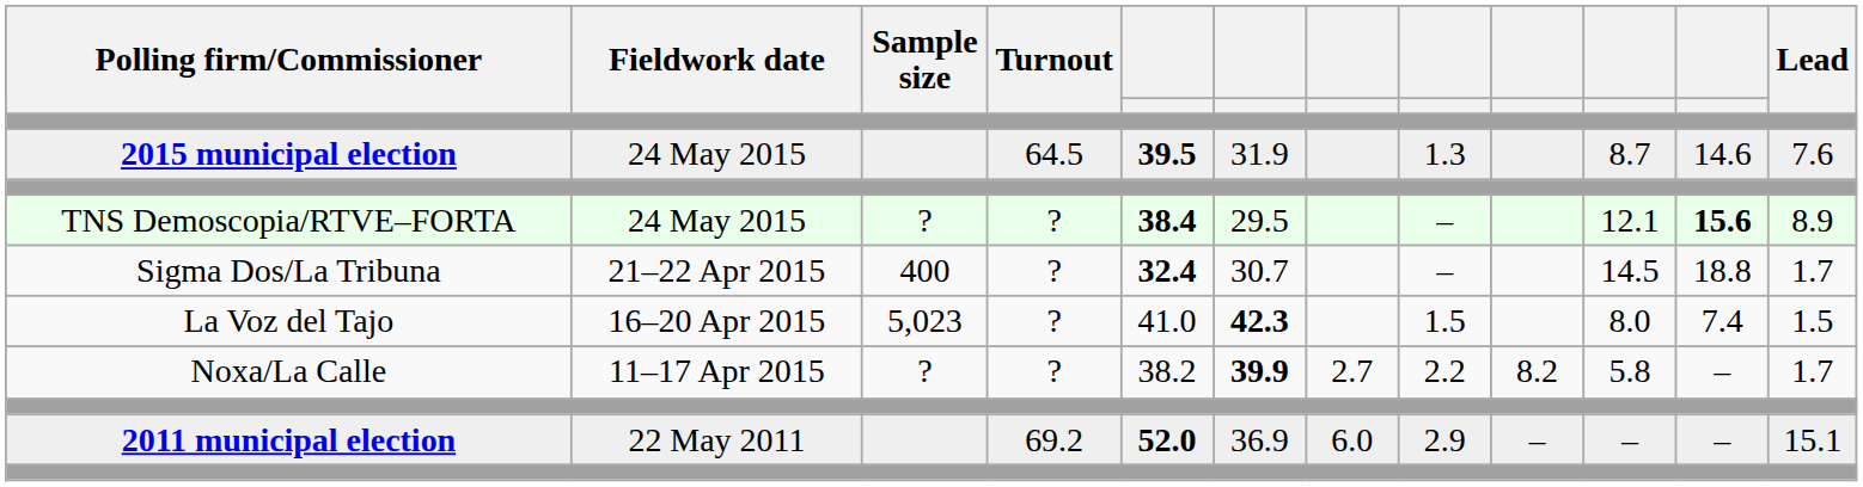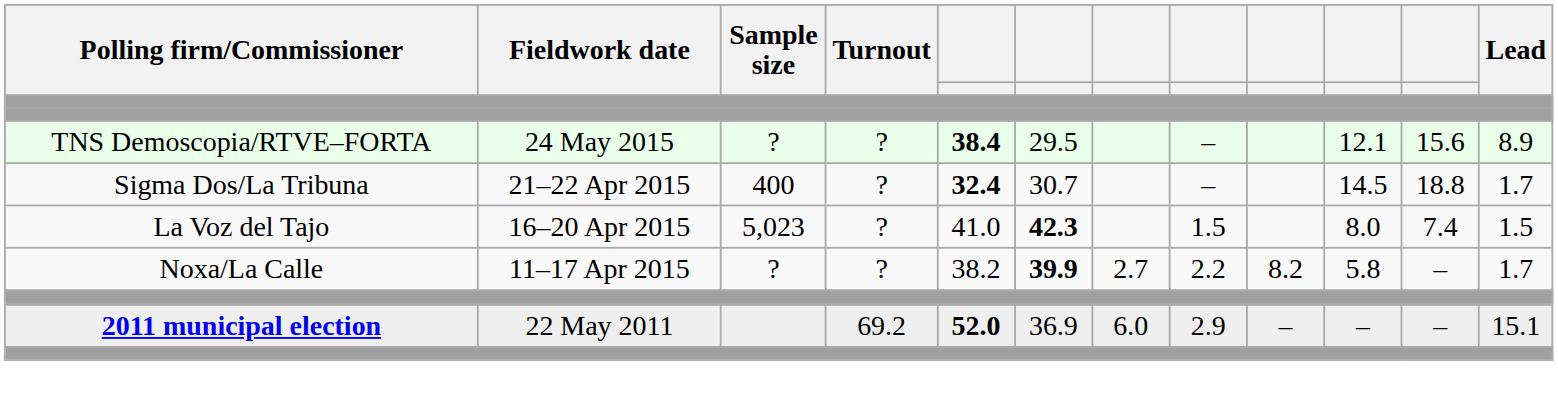 <table class="wikitable collapsible collapsed" style="text-align:center; font-size:95%; line-height:16px;">
 <tr style="height:42px;">
 <th style="width:250px;" rowspan="2">Polling firm/Commissioner</th>
 <th style="width:125px;" rowspan="2">Fieldwork date</th>
 <th style="width:50px;" rowspan="2">Sample size</th>
 <th style="width:45px;" rowspan="2">Turnout</th>
 <th style="width:35px;"></th>
 <th style="width:35px;"></th>
 <th style="width:35px;"></th>
 <th style="width:35px;"></th>
 <th style="width:35px;"></th>
 <th style="width:35px;"></th>
 <th style="width:35px;"></th>
 <th style="width:30px;" rowspan="2">Lead</th>
 </tr>
 <tr>
 <th style="color:inherit;background:"></th>
 <th style="color:inherit;background:"></th>
 <th style="color:inherit;background:"></th>
 <th style="color:inherit;background:"></th>
 <th style="color:inherit;background:"></th>
 <th style="color:inherit;background:"></th>
 <th style="color:inherit;background:"></th>
 </tr>
 <tr>
 <td colspan="12" style="background:#A0A0A0"></td>
 </tr>
-<tr style="background:#EFEFEF;">
-<td><strong><a href='#'>2015 municipal election</a></strong></td>
-<td>24 May 2015</td>
-<td></td>
-<td>64.5</td>
-<td><strong>39.5</strong><br></td>
-<td>31.9<br></td>
-<td></td>
-<td>1.3<br></td>
-<td></td>
-<td>8.7<br></td>
-<td>14.6<br></td>
-<td style="background:">7.6</td>
-</tr>
 <tr>
 <td colspan="12" style="background:#A0A0A0"></td>
 </tr>
 <tr style="background:#EAFFEA;">
 <td>TNS Demoscopia/RTVE–FORTA</td>
 <td>24 May 2015</td>
 <td>?</td>
 <td>?</td>
 <td><strong>38.4</strong><br></td>
 <td>29.5<br></td>
 <td></td>
 <td>–</td>
 <td></td>
 <td>12.1<br></td>
-<td><strong>15.6<br></strong></td>
+<td>15.6<br></td>
 <td style="background:">8.9</td>
 </tr>
 <tr>
 <td>Sigma Dos/La Tribuna</td>
 <td>21–22 Apr 2015</td>
 <td>400</td>
 <td>?</td>
 <td><strong>32.4</strong><br></td>
 <td>30.7<br></td>
 <td></td>
 <td>–</td>
 <td></td>
 <td>14.5<br></td>
 <td>18.8<br></td>
 <td style="background:">1.7</td>
 </tr>
 <tr>
 <td>La Voz del Tajo</td>
 <td>16–20 Apr 2015</td>
 <td>5,023</td>
 <td>?</td>
 <td>41.0<br></td>
 <td><strong>42.3</strong><br></td>
 <td></td>
 <td>1.5<br></td>
 <td></td>
 <td>8.0<br></td>
 <td>7.4<br></td>
 <td style="background:">1.5</td>
 </tr>
 <tr>
 <td>Noxa/La Calle</td>
 <td>11–17 Apr 2015</td>
 <td>?</td>
 <td>?</td>
 <td>38.2</td>
 <td><strong>39.9</strong></td>
 <td>2.7</td>
 <td>2.2</td>
 <td>8.2</td>
 <td>5.8</td>
 <td>–</td>
 <td style="background:">1.7</td>
 </tr>
 <tr>
 <td colspan="12" style="background:#A0A0A0"></td>
 </tr>
 <tr style="background:#EFEFEF;">
 <td><strong><a href='#'>2011 municipal election</a></strong></td>
 <td>22 May 2011</td>
 <td></td>
 <td>69.2</td>
 <td><strong>52.0</strong><br></td>
 <td>36.9<br></td>
 <td>6.0<br></td>
 <td>2.9<br></td>
 <td>–</td>
 <td>–</td>
 <td>–</td>
 <td style="background:">15.1</td>
 </tr>
 <tr>
 <td colspan="12" style="background:#A0A0A0"></td>
 </tr>
 </table>
